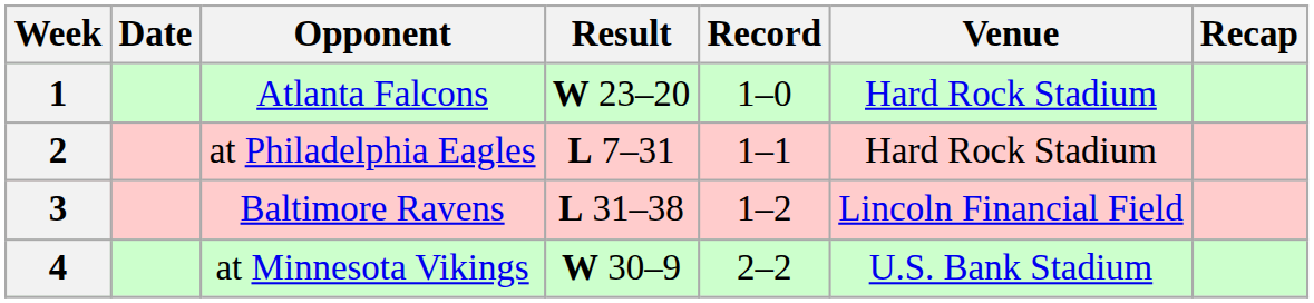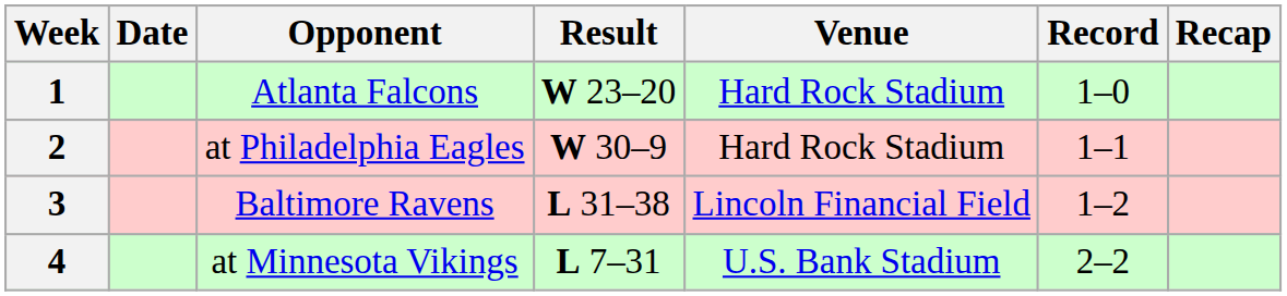 <table class="wikitable" style="text-align:center">
 <tr>
 <th>Week</th>
 <th>Date</th>
 <th>Opponent</th>
 <th>Result</th>
+<th>Venue</th>
 <th>Record</th>
-<th>Venue</th>
 <th>Recap</th>
 </tr>
 <tr style="background:#cfc">
 <th>1</th>
 <td></td>
 <td><a href='#'>Atlanta Falcons</a></td>
 <td><strong>W</strong> 23–20</td>
+<td><a href='#'>Hard Rock Stadium</a></td>
 <td>1–0</td>
-<td><a href='#'>Hard Rock Stadium</a></td>
 <td></td>
 </tr>
 <tr style="background:#fcc">
 <th>2</th>
 <td></td>
 <td>at <a href='#'>Philadelphia Eagles</a></td>
-<td><strong>L</strong> 7–31</td>
+<td><strong>W</strong> 30–9</td>
+<td>Hard Rock Stadium</td>
 <td>1–1</td>
-<td>Hard Rock Stadium</td>
 <td></td>
 </tr>
 <tr style="background:#fcc">
 <th>3</th>
 <td></td>
 <td><a href='#'>Baltimore Ravens</a></td>
 <td><strong>L</strong> 31–38</td>
+<td><a href='#'>Lincoln Financial Field</a></td>
 <td>1–2</td>
-<td><a href='#'>Lincoln Financial Field</a></td>
 <td></td>
 </tr>
 <tr style="background:#cfc">
 <th>4</th>
 <td></td>
 <td>at <a href='#'>Minnesota Vikings</a></td>
-<td><strong>W</strong> 30–9</td>
+<td><strong>L</strong> 7–31</td>
+<td><a href='#'>U.S. Bank Stadium</a></td>
 <td>2–2</td>
-<td><a href='#'>U.S. Bank Stadium</a></td>
 <td></td>
 </tr>
 </table>
